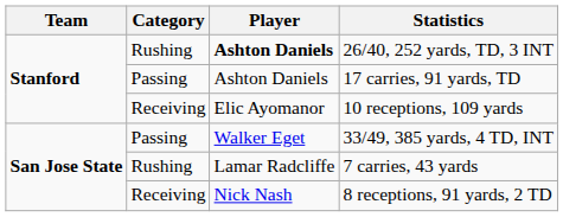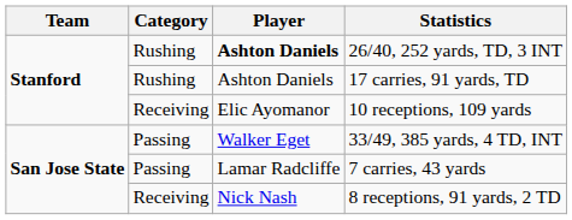 <table class="wikitable" style="float: right;">
 <tr>
 <th>Team</th>
 <th>Category</th>
 <th>Player</th>
 <th>Statistics</th>
 </tr>
 <tr>
 <td rowspan=3><strong>Stanford</strong></td>
 <td>Rushing</td>
 <td><strong>Ashton Daniels</strong></td>
 <td>26/40, 252 yards, TD, 3 INT</td>
 </tr>
 <tr>
-<td>Passing</td>
+<td>Rushing</td>
 <td>Ashton Daniels</td>
 <td>17 carries, 91 yards, TD</td>
 </tr>
 <tr>
 <td>Receiving</td>
 <td>Elic Ayomanor</td>
 <td>10 receptions, 109 yards</td>
 </tr>
 <tr>
 <td rowspan=3><strong>San Jose State</strong></td>
 <td>Passing</td>
 <td><a href='#'>Walker Eget</a></td>
 <td>33/49, 385 yards, 4 TD, INT</td>
 </tr>
 <tr>
-<td>Rushing</td>
+<td>Passing</td>
 <td>Lamar Radcliffe</td>
 <td>7 carries, 43 yards</td>
 </tr>
 <tr>
 <td>Receiving</td>
 <td><a href='#'>Nick Nash</a></td>
 <td>8 receptions, 91 yards, 2 TD</td>
 </tr>
 </table>
